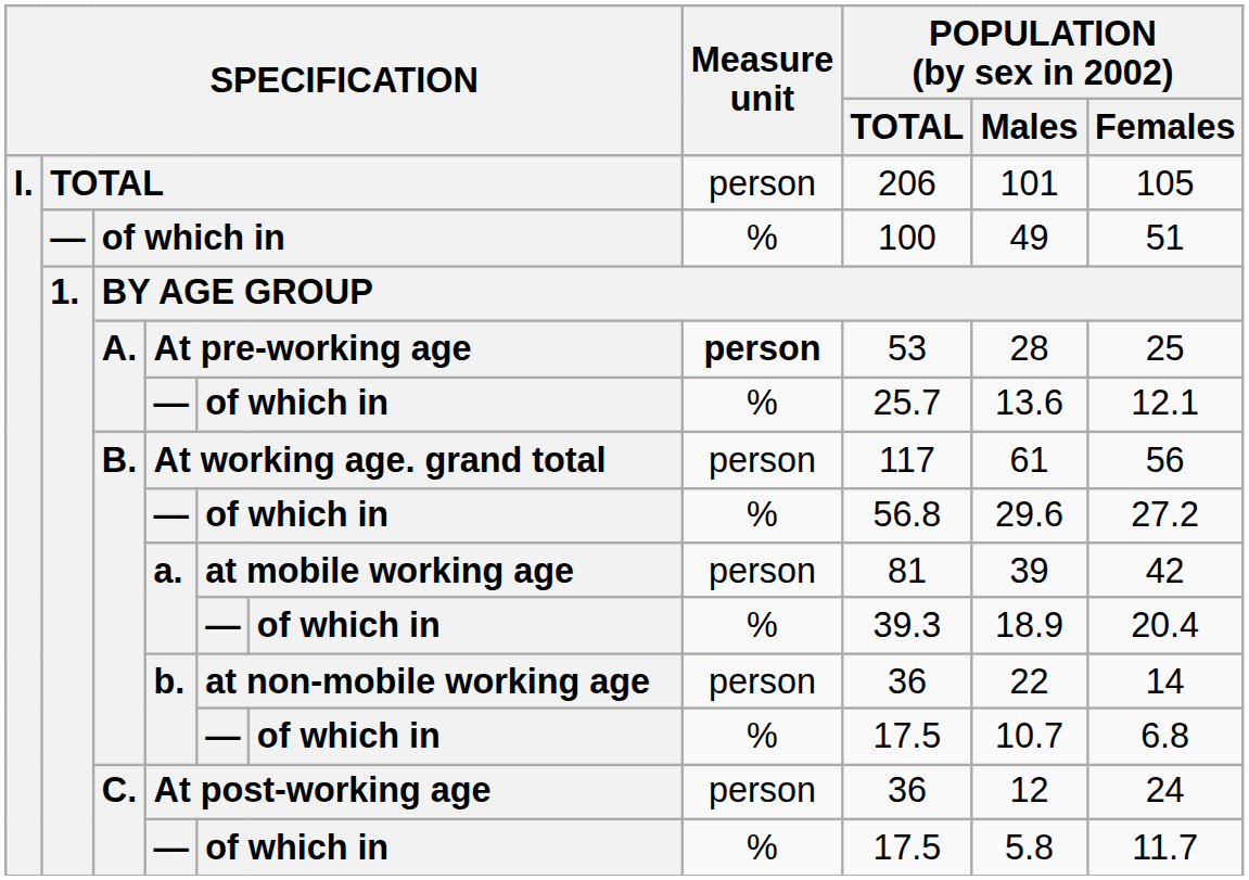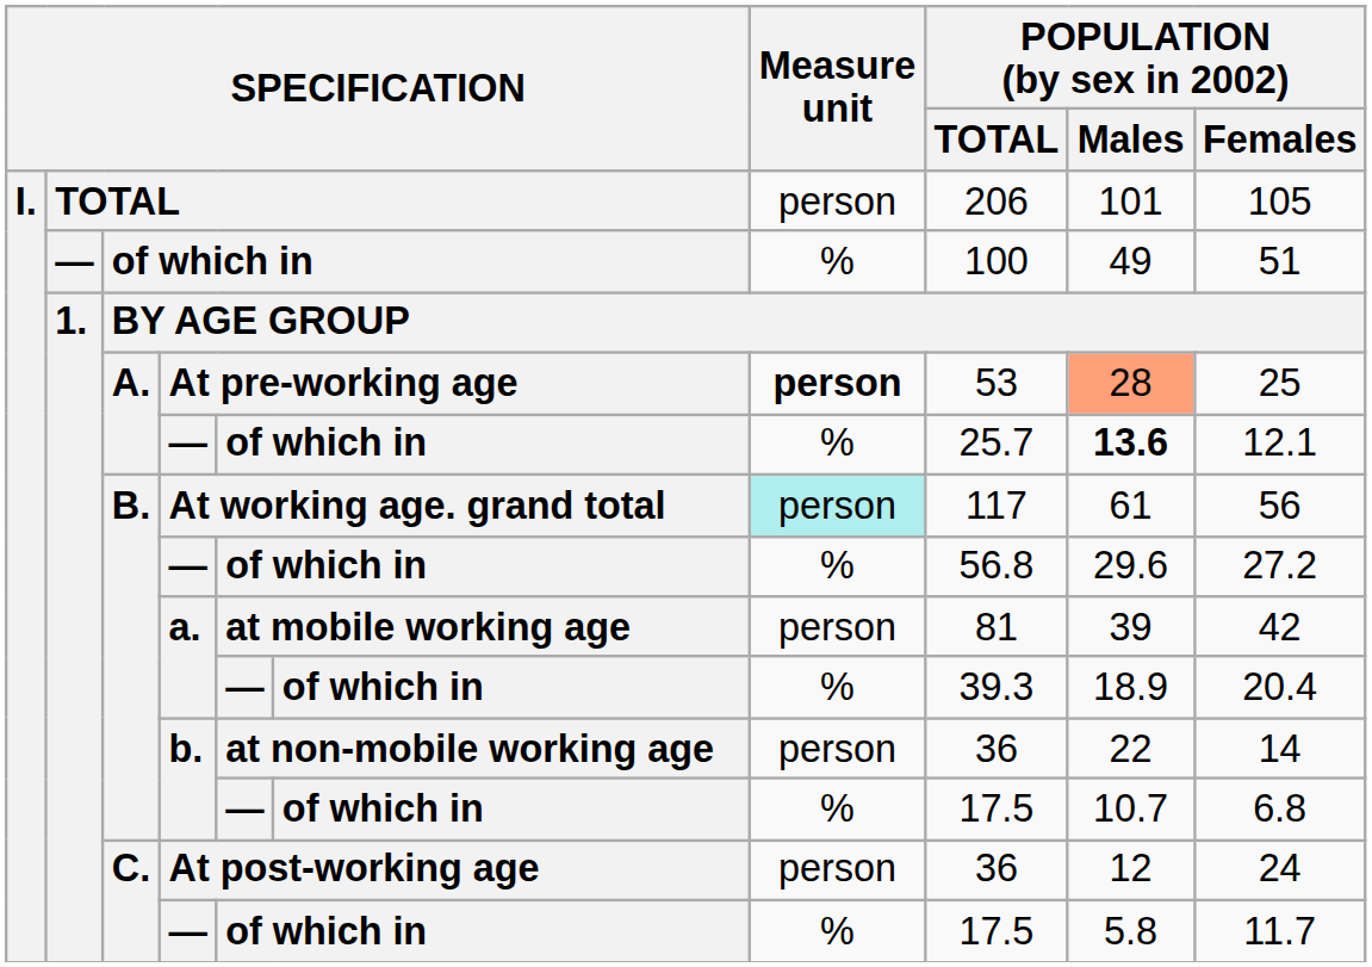 <table class="wikitable" style="font-size:85%; text-align:center">
 <tr>
 <th rowspan="2" colspan="6">SPECIFICATION</th>
 <th rowspan="2">Measure<br> unit</th>
 <th colspan="3" rowspan="1">POPULATION<br> (by sex in 2002)</th>
 </tr>
 <tr>
 <th>TOTAL</th>
 <th>Males</th>
 <th>Females</th>
 </tr>
 <tr>
 <th style="text-align:left" valign="top" rowspan="13">I.</th>
 <th style="text-align:left" colspan="5">TOTAL</th>
 <td>person</td>
 <td>206</td>
 <td>101</td>
 <td>105</td>
 </tr>
 <tr>
 <th style="text-align:left" valign="top">—</th>
 <th style="text-align:left" colspan="4">of which in</th>
 <td>%</td>
 <td>100</td>
 <td>49</td>
 <td>51</td>
 </tr>
 <tr>
 <th style="text-align:left" valign="top" rowspan="11">1.</th>
 <th style="text-align:left" colspan="19">BY AGE GROUP</th>
 </tr>
 <tr>
 <th style="text-align:left" valign="top" rowspan="2">A.</th>
 <th style="text-align:left" colspan="3">At pre-working age</th>
 <td><strong>person</strong></td>
 <td>53</td>
-<td>28</td>
+<td style="background: lightsalmon;">28</td>
 <td>25</td>
 </tr>
 <tr>
 <th style="text-align:left" valign="top">—</th>
 <th style="text-align:left" valign="top" colspan="2">of which in</th>
 <td>%</td>
 <td>25.7</td>
-<td>13.6</td>
+<td><strong>13.6</strong></td>
 <td>12.1</td>
 </tr>
 <tr>
 <th style="text-align:left" valign="top" rowspan="6">B.</th>
 <th style="text-align:left" colspan="3">At working age. grand total</th>
-<td>person</td>
+<td style="background: paleturquoise;">person</td>
 <td>117</td>
 <td>61</td>
 <td>56</td>
 </tr>
 <tr>
 <th style="text-align:left" valign="top">—</th>
 <th style="text-align:left" valign="top" colspan="2">of which in</th>
 <td>%</td>
 <td>56.8</td>
 <td>29.6</td>
 <td>27.2</td>
 </tr>
 <tr>
 <th style="text-align:left" valign="top" rowspan="2">a.</th>
 <th style="text-align:left" colspan="2">at mobile working age</th>
 <td>person</td>
 <td>81</td>
 <td>39</td>
 <td>42</td>
 </tr>
 <tr>
 <th style="text-align:left" valign="top">—</th>
 <th style="text-align:left" valign="top" colspan="1">of which in                        </th>
 <td>%</td>
 <td>39.3</td>
 <td>18.9</td>
 <td>20.4</td>
 </tr>
 <tr>
 <th style="text-align:left" valign="top" rowspan="2">b.</th>
 <th style="text-align:left" colspan="2">at non-mobile working age</th>
 <td>person</td>
 <td>36</td>
 <td>22</td>
 <td>14</td>
 </tr>
 <tr>
 <th style="text-align:left" valign="top">—</th>
 <th style="text-align:left" valign="top" colspan="1">of which in                        </th>
 <td>%</td>
 <td>17.5</td>
 <td>10.7</td>
 <td>6.8</td>
 </tr>
 <tr>
 <th style="text-align:left" valign="top" rowspan="2">C.</th>
 <th style="text-align:left" colspan="3">At post-working age</th>
 <td>person</td>
 <td>36</td>
 <td>12</td>
 <td>24</td>
 </tr>
 <tr>
 <th style="text-align:left" valign="top">—</th>
 <th style="text-align:left" valign="top" colspan="2">of which in</th>
 <td>%</td>
 <td>17.5</td>
 <td>5.8</td>
 <td>11.7</td>
 </tr>
 </table>
